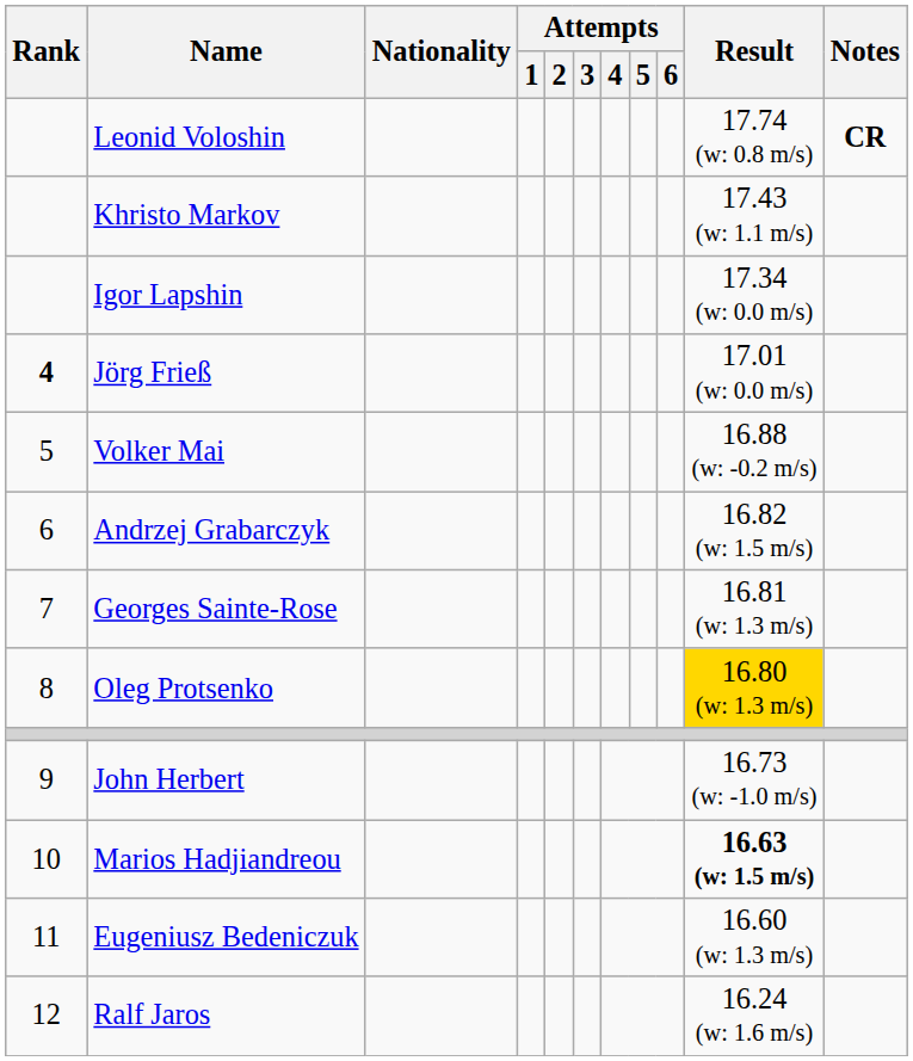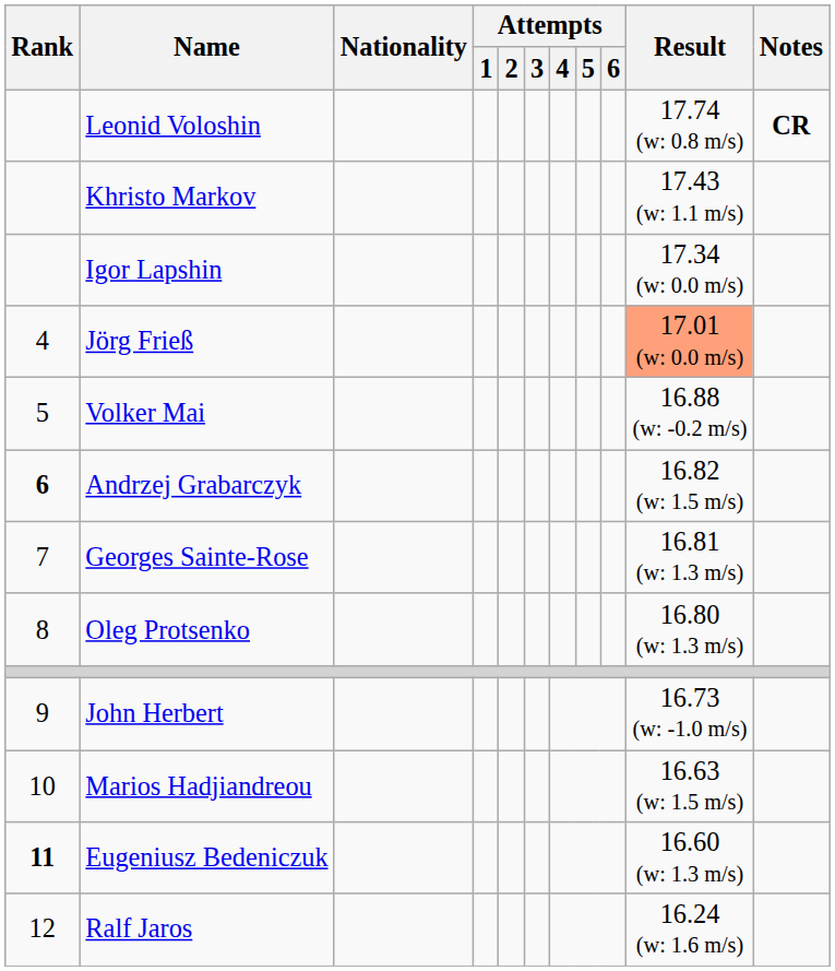 <table class="wikitable sortable" style="text-align:center">
 <tr>
 <th rowspan="2">Rank</th>
 <th rowspan="2">Name</th>
 <th rowspan="2">Nationality</th>
 <th colspan="6">Attempts</th>
 <th rowspan="2">Result</th>
 <th rowspan="2">Notes</th>
 </tr>
 <tr>
 <th>1</th>
 <th>2</th>
 <th>3</th>
 <th>4</th>
 <th>5</th>
 <th>6</th>
 </tr>
 <tr>
 <td></td>
 <td align=left><a href='#'>Leonid Voloshin</a></td>
 <td align=left></td>
 <td></td>
 <td></td>
 <td></td>
 <td></td>
 <td></td>
 <td></td>
 <td>17.74<br><small>(w: 0.8 m/s)</small></td>
 <td><strong>CR</strong></td>
 </tr>
 <tr>
 <td></td>
 <td align=left><a href='#'>Khristo Markov</a></td>
 <td align=left></td>
 <td></td>
 <td></td>
 <td></td>
 <td></td>
 <td></td>
 <td></td>
 <td>17.43<br><small>(w: 1.1 m/s)</small></td>
 <td></td>
 </tr>
 <tr>
 <td></td>
 <td align=left><a href='#'>Igor Lapshin</a></td>
 <td align=left></td>
 <td></td>
 <td></td>
 <td></td>
 <td></td>
 <td></td>
 <td></td>
 <td>17.34<br><small>(w: 0.0 m/s)</small></td>
 <td></td>
 </tr>
 <tr>
-<td><strong>4</strong></td>
+<td>4</td>
 <td align=left><a href='#'>Jörg Frieß</a></td>
 <td align=left></td>
 <td></td>
 <td></td>
 <td></td>
 <td></td>
 <td></td>
 <td></td>
-<td>17.01<br><small>(w: 0.0 m/s)</small></td>
+<td style="background: lightsalmon;">17.01<br><small>(w: 0.0 m/s)</small></td>
 <td></td>
 </tr>
 <tr>
 <td>5</td>
 <td align=left><a href='#'>Volker Mai</a></td>
 <td align=left></td>
 <td></td>
 <td></td>
 <td></td>
 <td></td>
 <td></td>
 <td></td>
 <td>16.88<br><small>(w: -0.2 m/s)</small></td>
 <td></td>
 </tr>
 <tr>
-<td>6</td>
+<td><strong>6</strong></td>
 <td align=left><a href='#'>Andrzej Grabarczyk</a></td>
 <td align=left></td>
 <td></td>
 <td></td>
 <td></td>
 <td></td>
 <td></td>
 <td></td>
 <td>16.82<br><small>(w: 1.5 m/s)</small></td>
 <td></td>
 </tr>
 <tr>
 <td>7</td>
 <td align=left><a href='#'>Georges Sainte-Rose</a></td>
 <td align=left></td>
 <td></td>
 <td></td>
 <td></td>
 <td></td>
 <td></td>
 <td></td>
 <td>16.81<br><small>(w: 1.3 m/s)</small></td>
 <td></td>
 </tr>
 <tr>
 <td>8</td>
 <td align=left><a href='#'>Oleg Protsenko</a></td>
 <td align=left></td>
 <td></td>
 <td></td>
 <td></td>
 <td></td>
 <td></td>
 <td></td>
-<td style="background: gold;">16.80<br><small>(w: 1.3 m/s)</small></td>
+<td>16.80<br><small>(w: 1.3 m/s)</small></td>
 <td></td>
 </tr>
 <tr>
 <td colspan=11 bgcolor=lightgray></td>
 </tr>
 <tr>
 <td>9</td>
 <td align=left><a href='#'>John Herbert</a></td>
 <td align=left></td>
 <td></td>
 <td></td>
 <td></td>
 <td colspan="3"></td>
 <td>16.73<br><small>(w: -1.0 m/s)</small></td>
 <td></td>
 </tr>
 <tr>
 <td>10</td>
 <td align=left><a href='#'>Marios Hadjiandreou</a></td>
 <td align=left></td>
 <td></td>
 <td></td>
 <td></td>
 <td colspan="3"></td>
-<td><strong>16.63<br><small>(w: 1.5 m/s)</small></strong></td>
+<td>16.63<br><small>(w: 1.5 m/s)</small></td>
 <td></td>
 </tr>
 <tr>
-<td>11</td>
+<td><strong>11</strong></td>
 <td align=left><a href='#'>Eugeniusz Bedeniczuk</a></td>
 <td align=left></td>
 <td></td>
 <td></td>
 <td></td>
 <td colspan="3"></td>
 <td>16.60<br><small>(w: 1.3 m/s)</small></td>
 <td></td>
 </tr>
 <tr>
 <td>12</td>
 <td align=left><a href='#'>Ralf Jaros</a></td>
 <td align=left></td>
 <td></td>
 <td></td>
 <td></td>
 <td colspan="3"></td>
 <td>16.24<br><small>(w: 1.6 m/s)</small></td>
 <td></td>
 </tr>
 </table>
